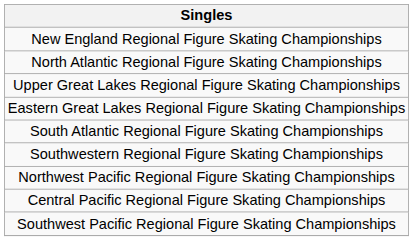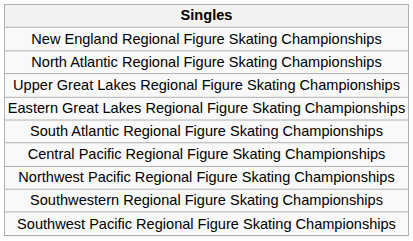 <table class="wikitable" style="text-align: center;">
 <tr style="background:#EFEFEF">
 <th>Singles</th>
 </tr>
 <tr>
 <td>New England Regional Figure Skating Championships</td>
 </tr>
 <tr>
 <td>North Atlantic Regional Figure Skating Championships</td>
 </tr>
 <tr>
 <td>Upper Great Lakes Regional Figure Skating Championships</td>
 </tr>
 <tr>
 <td>Eastern Great Lakes Regional Figure Skating Championships</td>
 </tr>
 <tr>
 <td>South Atlantic Regional Figure Skating Championships</td>
 </tr>
 <tr>
-<td>Southwestern Regional Figure Skating Championships</td>
+<td>Central Pacific Regional Figure Skating Championships</td>
 </tr>
 <tr>
 <td>Northwest Pacific Regional Figure Skating Championships</td>
 </tr>
 <tr>
-<td>Central Pacific Regional Figure Skating Championships</td>
+<td>Southwestern Regional Figure Skating Championships</td>
 </tr>
 <tr>
 <td>Southwest Pacific Regional Figure Skating Championships</td>
 </tr>
 <tr>
 </tr>
 </table>
